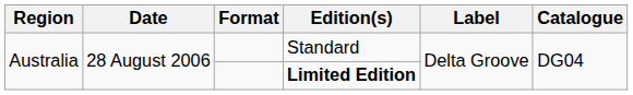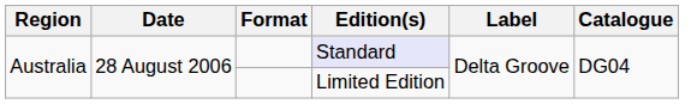 <table class="wikitable plainrowheaders">
 <tr>
 <th scope="col">Region</th>
 <th scope="col">Date</th>
 <th scope="col">Format</th>
 <th scope="col">Edition(s)</th>
 <th scope="col">Label</th>
 <th scope="col">Catalogue</th>
 </tr>
 <tr>
 <td rowspan="2">Australia</td>
 <td rowspan="2">28 August 2006</td>
 <td></td>
-<td>Standard</td>
+<td style="background: lavender;">Standard</td>
 <td rowspan="2">Delta Groove</td>
 <td rowspan="2">DG04</td>
 </tr>
 <tr>
 <td></td>
-<td><strong>Limited Edition</strong></td>
+<td>Limited Edition</td>
 </tr>
 </table>
